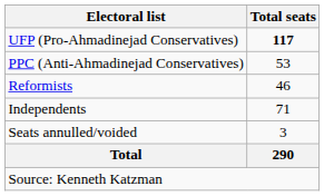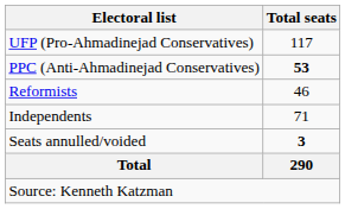 <table class=wikitable style=text-align:center>
 <tr>
 <th>Electoral list</th>
 <th>Total seats</th>
 </tr>
 <tr>
 <td align=left><a href='#'>UFP</a> (Pro-Ahmadinejad Conservatives)</td>
-<td><strong>117</strong></td>
+<td>117</td>
 </tr>
 <tr>
 <td align=left><a href='#'>PPC</a> (Anti-Ahmadinejad Conservatives)</td>
-<td>53</td>
+<td><strong>53</strong></td>
 </tr>
 <tr>
 <td align=left><a href='#'>Reformists</a></td>
 <td>46</td>
 </tr>
 <tr>
 <td align=left>Independents</td>
 <td>71</td>
 </tr>
 <tr>
 <td align=left>Seats annulled/voided</td>
-<td>3</td>
+<td><strong>3</strong></td>
 </tr>
 <tr>
 <th align=left>Total</th>
 <th>290</th>
 </tr>
 <tr>
 <td colspan=4 align=left>Source: Kenneth Katzman</td>
 </tr>
 </table>
